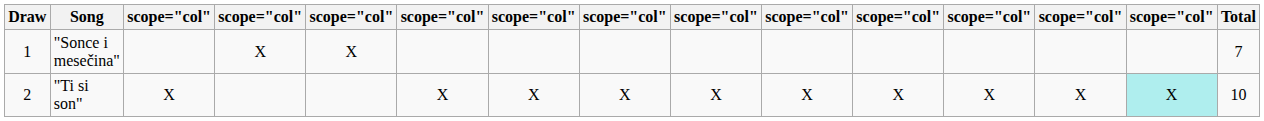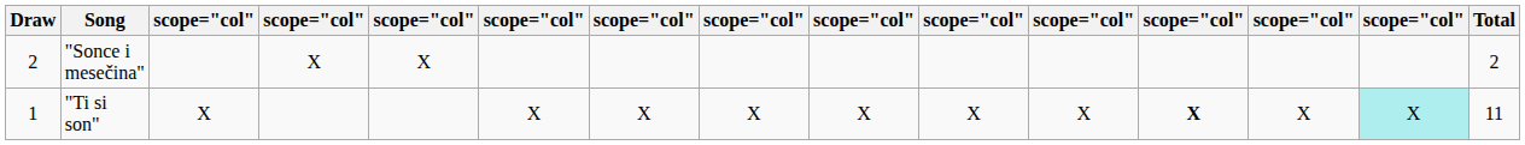 <table class="wikitable mw-collapsible collapsible" style="margin: 1em auto 1em auto; text-align:center;">
 <tr>
 <th>Draw</th>
 <th>Song</th>
 <th>scope="col" </th>
 <th>scope="col" </th>
 <th>scope="col" </th>
 <th>scope="col" </th>
 <th>scope="col" </th>
 <th>scope="col" </th>
 <th>scope="col" </th>
 <th>scope="col" </th>
 <th>scope="col" </th>
 <th>scope="col" </th>
 <th>scope="col" </th>
 <th>scope="col" </th>
 <th>Total</th>
 </tr>
 <tr>
-<td>1</td>
+<td>2</td>
 <td align="left">"Sonce i mesečina"</td>
 <td></td>
 <td>X</td>
 <td>X</td>
 <td></td>
 <td></td>
 <td></td>
 <td></td>
 <td></td>
 <td></td>
 <td></td>
 <td></td>
 <td></td>
-<td>7</td>
+<td>2</td>
 </tr>
 <tr>
-<td>2</td>
+<td>1</td>
 <td align="left">"Ti si son"</td>
 <td>X</td>
 <td></td>
 <td></td>
 <td>X</td>
 <td>X</td>
 <td>X</td>
 <td>X</td>
 <td>X</td>
 <td>X</td>
-<td>X</td>
+<td><strong>X</strong></td>
 <td>X</td>
 <td style="background: paleturquoise;">X</td>
-<td>10</td>
+<td>11</td>
 </tr>
 </table>
